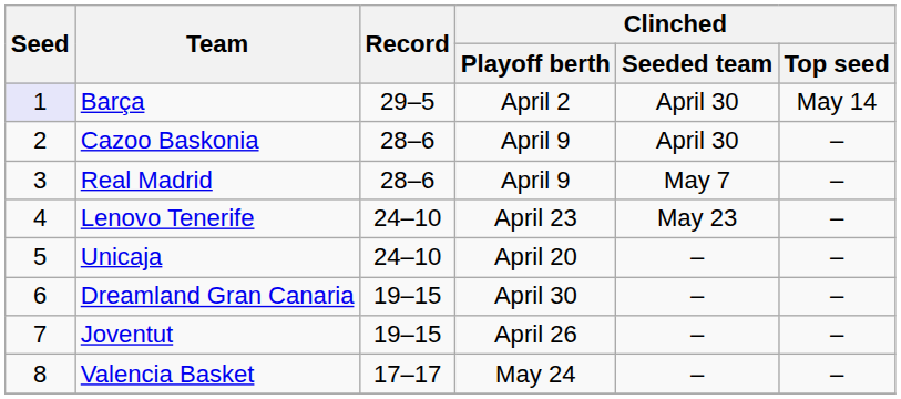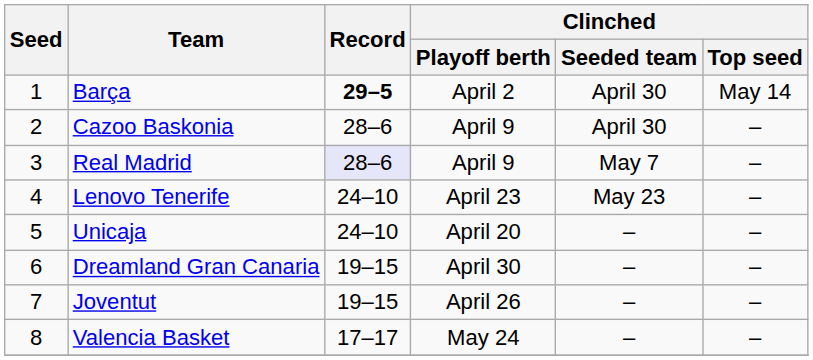 <table class="wikitable" style="text-align:center">
 <tr>
 <th rowspan="2">Seed</th>
 <th rowspan="2">Team</th>
 <th rowspan="2">Record</th>
 <th colspan="3">Clinched</th>
 </tr>
 <tr>
 <th>Playoff berth</th>
 <th>Seeded team</th>
 <th>Top seed</th>
 </tr>
 <tr>
-<td style="background: lavender;">1</td>
+<td>1</td>
 <td style="text-align:left;"><a href='#'>Barça</a></td>
-<td>29–5</td>
+<td><strong>29–5</strong></td>
 <td>April 2</td>
 <td>April 30</td>
 <td>May 14</td>
 </tr>
 <tr>
 <td>2</td>
 <td style="text-align:left;"><a href='#'>Cazoo Baskonia</a></td>
 <td>28–6</td>
 <td>April 9</td>
 <td>April 30</td>
 <td>–</td>
 </tr>
 <tr>
 <td>3</td>
 <td style="text-align:left;"><a href='#'>Real Madrid</a></td>
-<td>28–6</td>
+<td style="background: lavender;">28–6</td>
 <td>April 9</td>
 <td>May 7</td>
 <td>–</td>
 </tr>
 <tr>
 <td>4</td>
 <td style="text-align:left;"><a href='#'>Lenovo Tenerife</a></td>
 <td>24–10</td>
 <td>April 23</td>
 <td>May 23</td>
 <td>–</td>
 </tr>
 <tr>
 <td>5</td>
 <td style="text-align:left;"><a href='#'>Unicaja</a></td>
 <td>24–10</td>
 <td>April 20</td>
 <td>–</td>
 <td>–</td>
 </tr>
 <tr>
 <td>6</td>
 <td style="text-align:left;"><a href='#'>Dreamland Gran Canaria</a></td>
 <td>19–15</td>
 <td>April 30</td>
 <td>–</td>
 <td>–</td>
 </tr>
 <tr>
 <td>7</td>
 <td style="text-align:left;"><a href='#'>Joventut</a></td>
 <td>19–15</td>
 <td>April 26</td>
 <td>–</td>
 <td>–</td>
 </tr>
 <tr>
 <td>8</td>
 <td style="text-align:left;"><a href='#'>Valencia Basket</a></td>
 <td>17–17</td>
 <td>May 24</td>
 <td>–</td>
 <td>–</td>
 </tr>
 <tr>
 </tr>
 </table>
